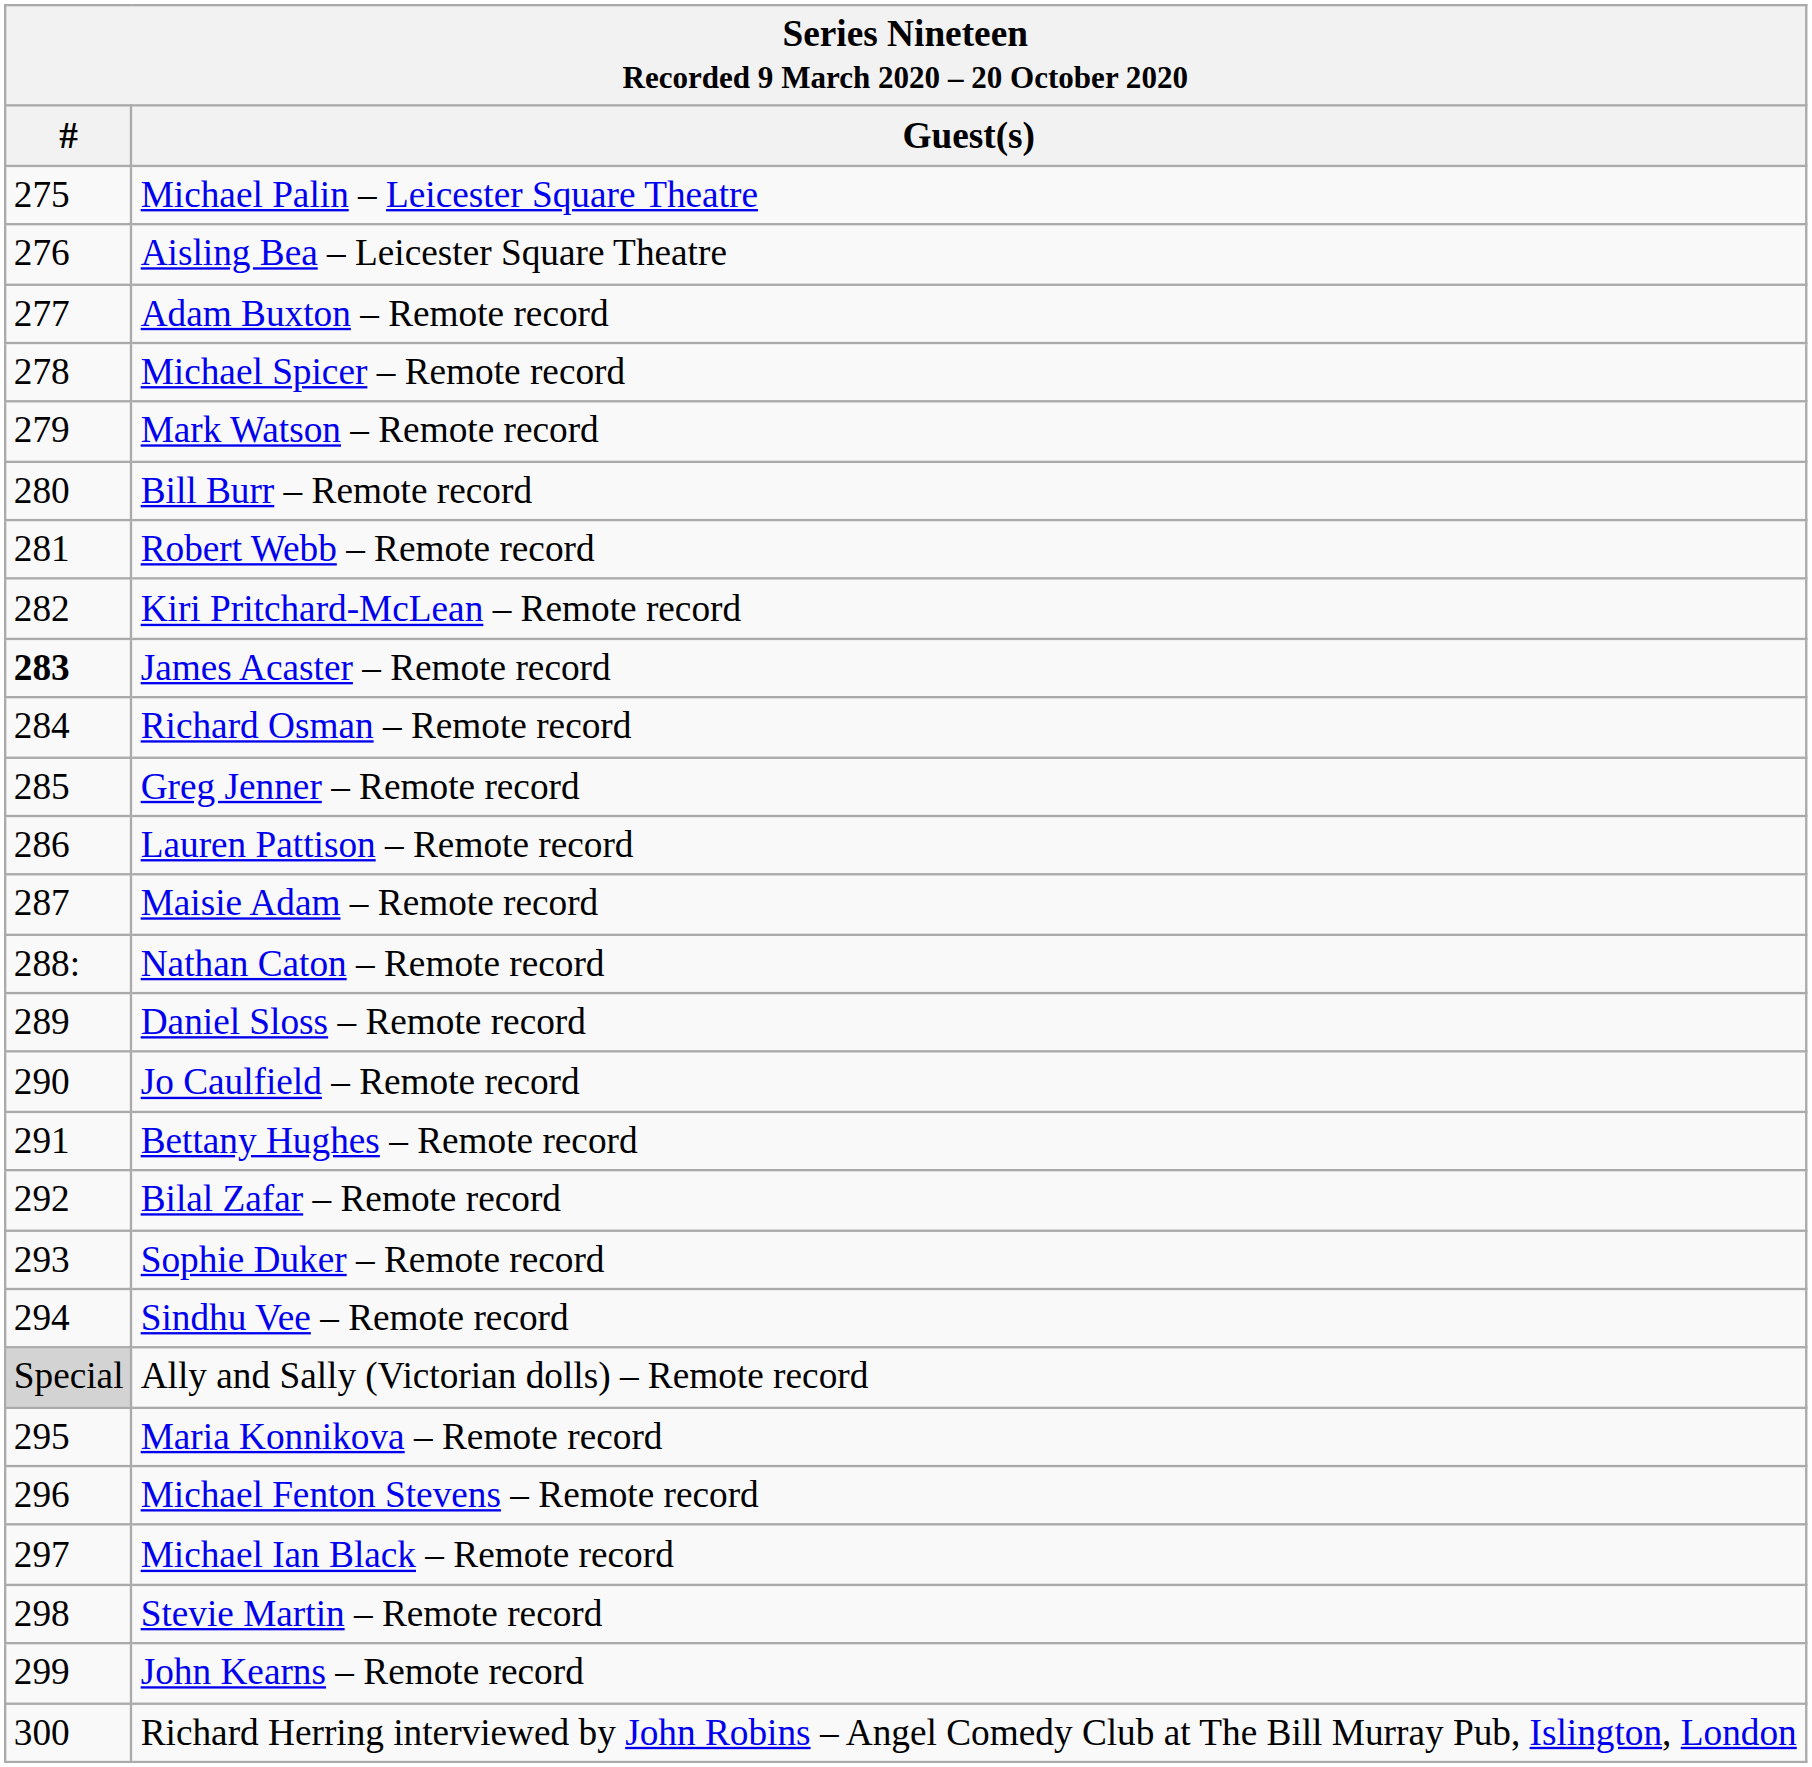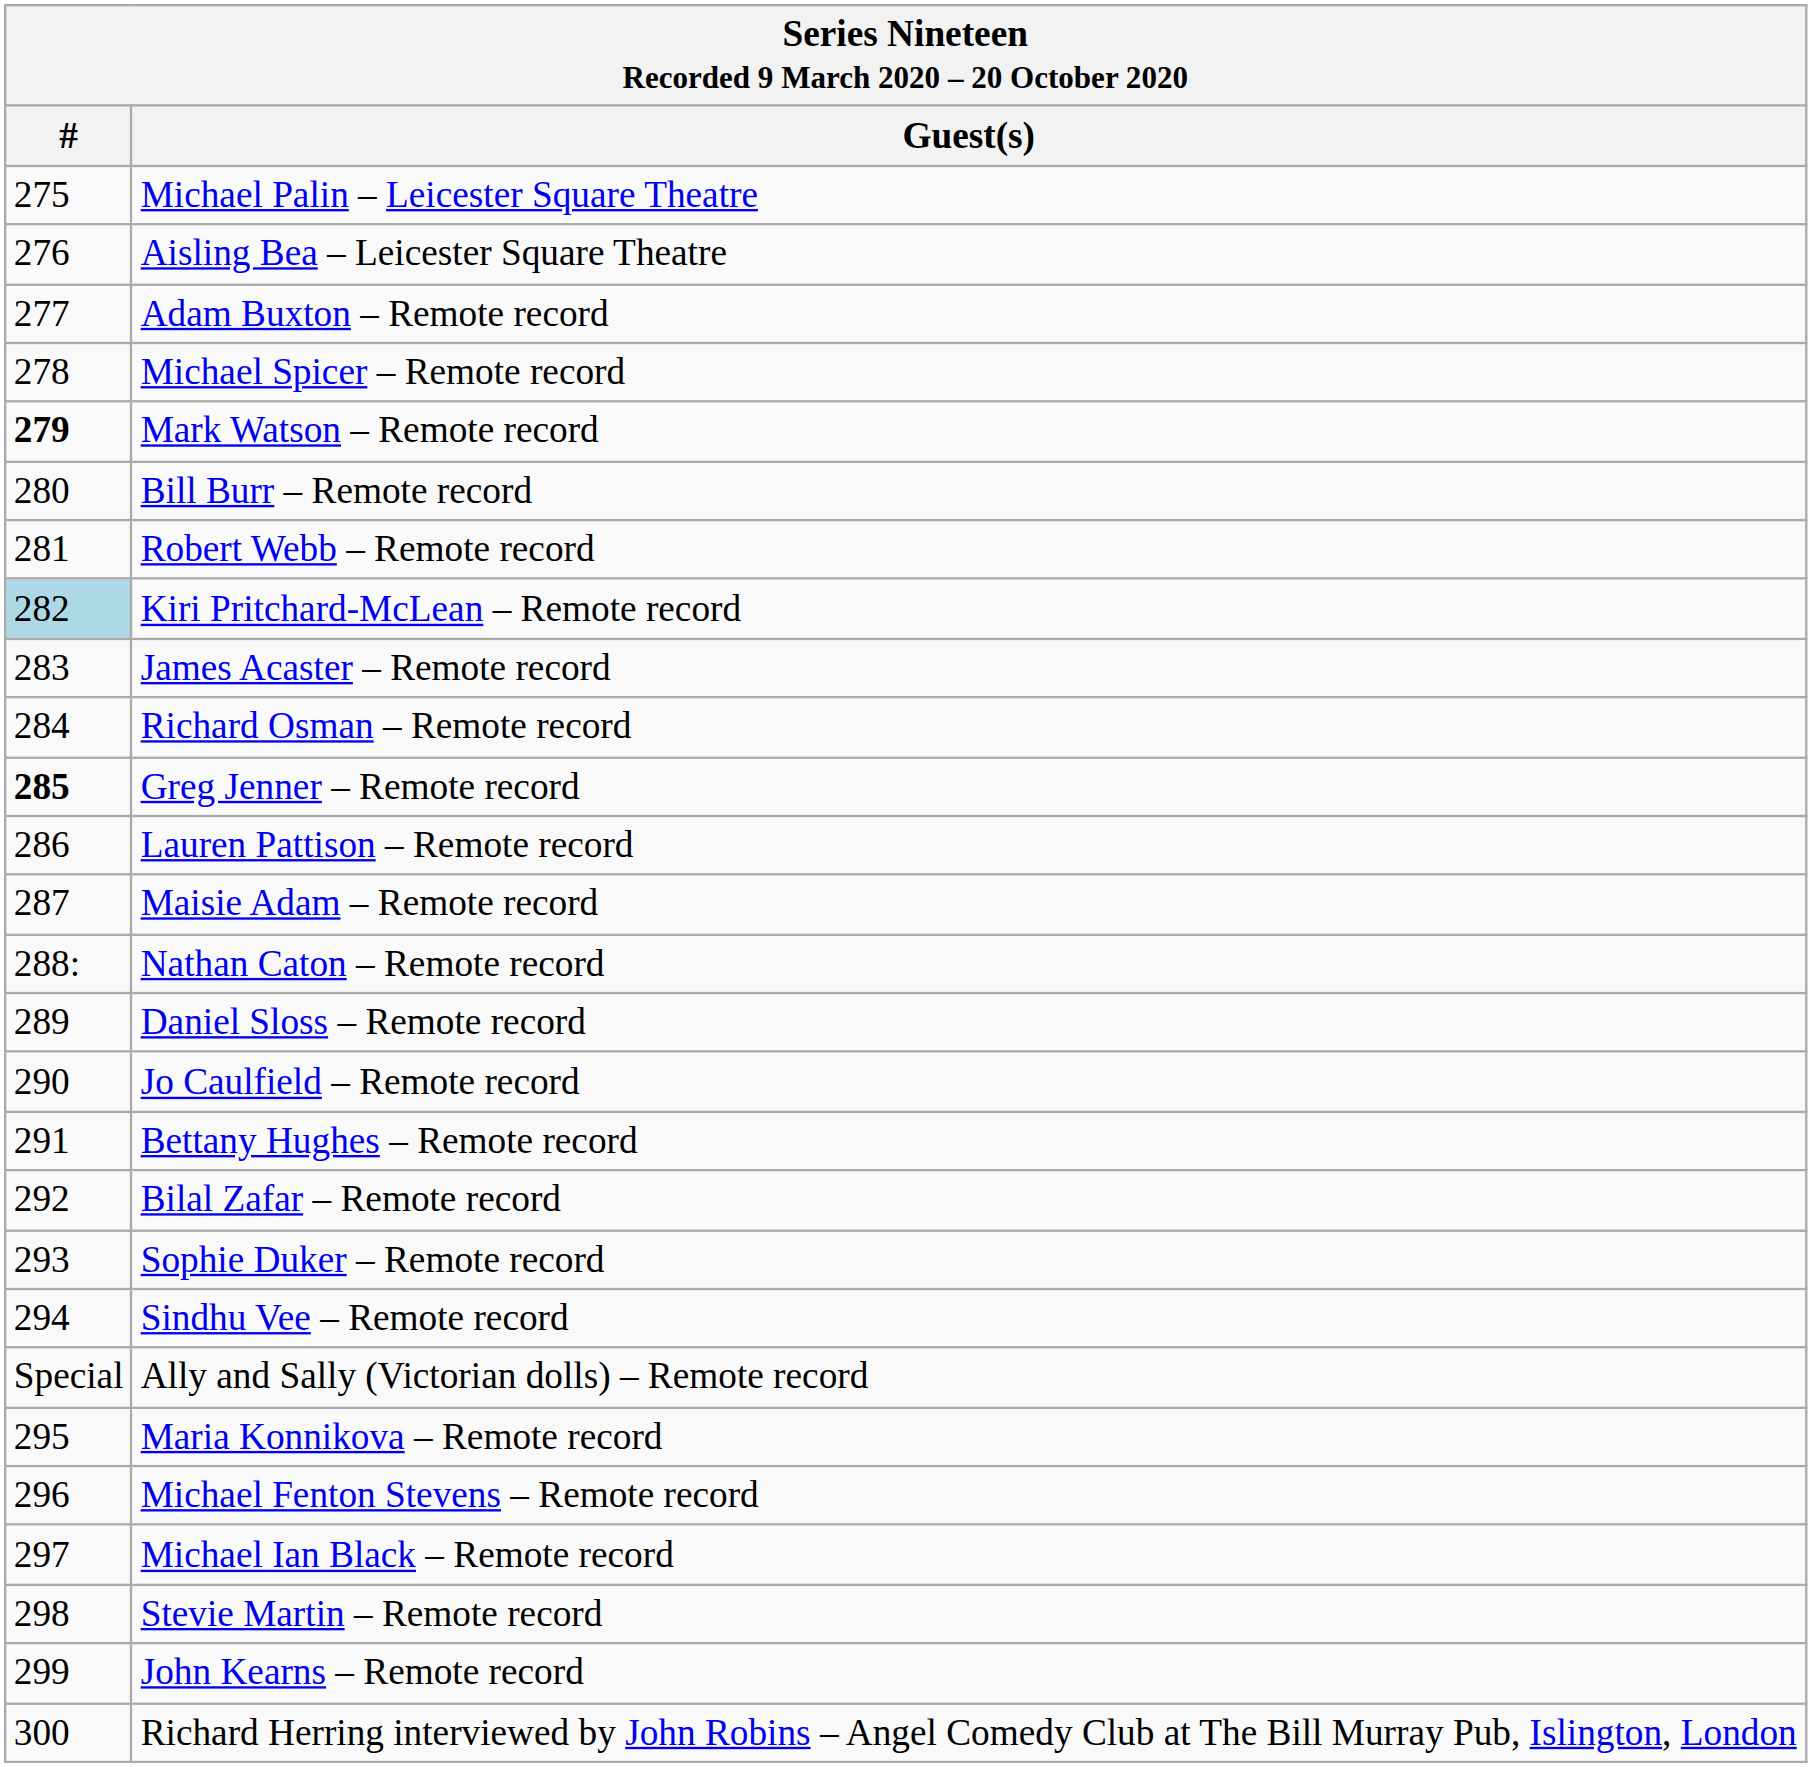 <table class="wikitable">
 <tr>
 <th colspan="3">Series Nineteen<br><small>Recorded 9 March 2020 – 20 October 2020 </small></th>
 </tr>
 <tr>
 <th>#</th>
 <th>Guest(s)</th>
 </tr>
 <tr>
 <td>275</td>
 <td><a href='#'>Michael Palin</a> – <a href='#'>Leicester Square Theatre</a></td>
 </tr>
 <tr>
 <td>276</td>
 <td><a href='#'>Aisling Bea</a> – Leicester Square Theatre</td>
 </tr>
 <tr>
 <td>277</td>
 <td><a href='#'>Adam Buxton</a> – Remote record</td>
 </tr>
 <tr>
 <td>278</td>
 <td><a href='#'>Michael Spicer</a> – Remote record</td>
 </tr>
 <tr>
-<td>279</td>
+<td><strong>279</strong></td>
 <td><a href='#'>Mark Watson</a> – Remote record</td>
 </tr>
 <tr>
 <td>280</td>
 <td><a href='#'>Bill Burr</a> – Remote record</td>
 </tr>
 <tr>
 <td>281</td>
 <td><a href='#'>Robert Webb</a> – Remote record</td>
 </tr>
 <tr>
-<td>282</td>
+<td style="background: lightblue;">282</td>
 <td><a href='#'>Kiri Pritchard-McLean</a> – Remote record</td>
 </tr>
 <tr>
-<td><strong>283</strong></td>
+<td>283</td>
 <td><a href='#'>James Acaster</a> – Remote record</td>
 </tr>
 <tr>
 <td>284</td>
 <td><a href='#'>Richard Osman</a> – Remote record</td>
 </tr>
 <tr>
-<td>285</td>
+<td><strong>285</strong></td>
 <td><a href='#'>Greg Jenner</a> – Remote record</td>
 </tr>
 <tr>
 <td>286</td>
 <td><a href='#'>Lauren Pattison</a> – Remote record</td>
 </tr>
 <tr>
 <td>287</td>
 <td><a href='#'>Maisie Adam</a> – Remote record</td>
 </tr>
 <tr>
 <td>288:</td>
 <td><a href='#'>Nathan Caton</a> – Remote record</td>
 </tr>
 <tr>
 <td>289</td>
 <td><a href='#'>Daniel Sloss</a> – Remote record</td>
 </tr>
 <tr>
 <td>290</td>
 <td><a href='#'>Jo Caulfield</a> – Remote record</td>
 </tr>
 <tr>
 <td>291</td>
 <td><a href='#'>Bettany Hughes</a> – Remote record</td>
 </tr>
 <tr>
 <td>292</td>
 <td><a href='#'>Bilal Zafar</a> – Remote record</td>
 </tr>
 <tr>
 <td>293</td>
 <td><a href='#'>Sophie Duker</a> – Remote record</td>
 </tr>
 <tr>
 <td>294</td>
 <td><a href='#'>Sindhu Vee</a> – Remote record</td>
 </tr>
 <tr>
-<td style="background: lightgrey;">Special</td>
+<td>Special</td>
 <td>Ally and Sally (Victorian dolls) – Remote record</td>
 </tr>
 <tr>
 <td>295</td>
 <td><a href='#'>Maria Konnikova</a> – Remote record</td>
 </tr>
 <tr>
 <td>296</td>
 <td><a href='#'>Michael Fenton Stevens</a> – Remote record</td>
 </tr>
 <tr>
 <td>297</td>
 <td><a href='#'>Michael Ian Black</a> – Remote record</td>
 </tr>
 <tr>
 <td>298</td>
 <td><a href='#'>Stevie Martin</a> – Remote record</td>
 </tr>
 <tr>
 <td>299</td>
 <td><a href='#'>John Kearns</a> – Remote record</td>
 </tr>
 <tr>
 <td>300</td>
 <td>Richard Herring interviewed by <a href='#'>John Robins</a> – Angel Comedy Club at The Bill Murray Pub, <a href='#'>Islington</a>, <a href='#'>London</a></td>
 </tr>
 </table>
